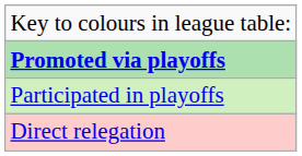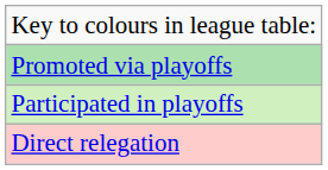 <table class="wikitable">
 <tr>
 <td>Key to colours in league table:</td>
 </tr>
 <tr ! style="background:#ACE1AF;">
-<td><strong><a href='#'>Promoted via playoffs</a></strong></td>
+<td><a href='#'>Promoted via playoffs</a></td>
 </tr>
 <tr ! style="background:#D0F0C0;">
 <td><a href='#'>Participated in playoffs</a></td>
 </tr>
 <tr ! style="background:#FFCCCC">
 <td><a href='#'>Direct relegation</a></td>
 </tr>
 </table>
